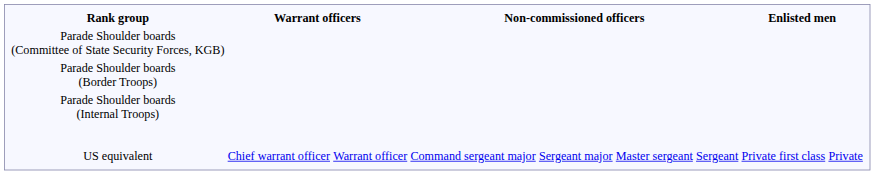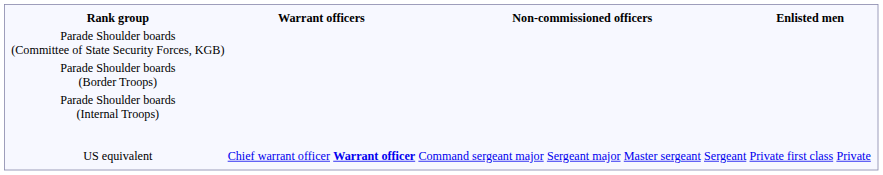 <table style="border:1px solid #8888aa; background-color:#f7f8ff; padding:5px; font-size:95%; margin: 0px 12px 12px 0px;">
 <tr>
 <th>Rank group</th>
 <th colspan="2">Warrant officers</th>
 <th colspan="5">Non-commissioned officers</th>
 <th colspan="3">Enlisted men</th>
 </tr>
 <tr style="text-align:center;">
 <td>Parade Shoulder boards<br>(Committee of State Security Forces, KGB)</td>
 <td></td>
 <td></td>
 <td></td>
 <td></td>
 <td></td>
 <td></td>
 <td></td>
 <td></td>
 <td></td>
 </tr>
 <tr style="text-align:center;">
 <td>Parade Shoulder boards<br>(Border Troops)</td>
 <td></td>
 <td></td>
 <td></td>
 <td></td>
 <td></td>
 <td></td>
 <td></td>
 <td></td>
 <td></td>
 </tr>
 <tr style="text-align:center;">
 <td>Parade Shoulder boards<br>(Internal Troops)</td>
 <td></td>
 <td></td>
 <td></td>
 <td></td>
 <td></td>
 <td></td>
 <td></td>
 <td></td>
 <td></td>
 </tr>
 <tr style="text-align:center;">
 <td></td>
 <td></td>
 <td></td>
 <td></td>
 <td></td>
 </tr>
 <tr style="text-align:center;">
 <td></td>
 <td><br></td>
 <td><br></td>
 <td colspan="2"><br></td>
 <td><br></td>
 <td><br></td>
 <td><br></td>
 <td><br></td>
 <td><br></td>
 </tr>
 <tr style="text-align:center;">
 <td colspan="10"></td>
 </tr>
 <tr style="text-align:center;">
 <td>US equivalent</td>
 <td><a href='#'>Chief warrant officer</a></td>
-<td><a href='#'>Warrant officer</a></td>
+<td><strong><a href='#'>Warrant officer</a></strong></td>
 <td colspan="2"><a href='#'>Command sergeant major</a></td>
 <td><a href='#'>Sergeant major</a></td>
 <td><a href='#'>Master sergeant</a></td>
 <td><a href='#'>Sergeant</a></td>
 <td><a href='#'>Private first class</a></td>
 <td><a href='#'>Private</a></td>
 </tr>
 </table>
